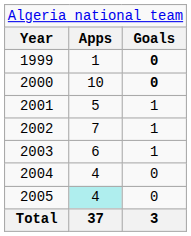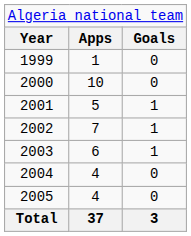 <table class="wikitable" style="text-align:center">
 <tr>
 <td colspan="3"><a href='#'>Algeria national team</a></td>
 </tr>
 <tr>
 <th>Year</th>
 <th>Apps</th>
 <th>Goals</th>
 </tr>
 <tr>
 <td>1999</td>
 <td>1</td>
-<td><strong>0</strong></td>
+<td>0</td>
 </tr>
 <tr>
 <td>2000</td>
 <td>10</td>
-<td><strong>0</strong></td>
+<td>0</td>
 </tr>
 <tr>
 <td>2001</td>
 <td>5</td>
 <td>1</td>
 </tr>
 <tr>
 <td>2002</td>
 <td>7</td>
 <td>1</td>
 </tr>
 <tr>
 <td>2003</td>
 <td>6</td>
 <td>1</td>
 </tr>
 <tr>
 <td>2004</td>
 <td>4</td>
 <td>0</td>
 </tr>
 <tr>
 <td>2005</td>
-<td style="background: paleturquoise;">4</td>
+<td>4</td>
 <td>0</td>
 </tr>
 <tr>
 <th>Total</th>
 <th>37</th>
 <th>3</th>
 </tr>
 </table>
